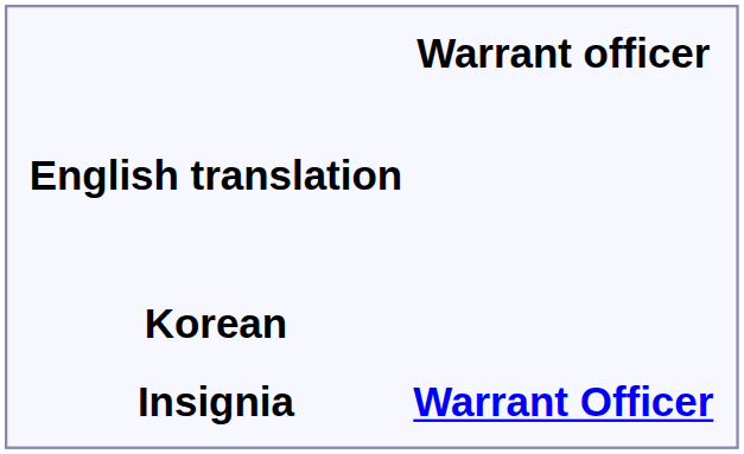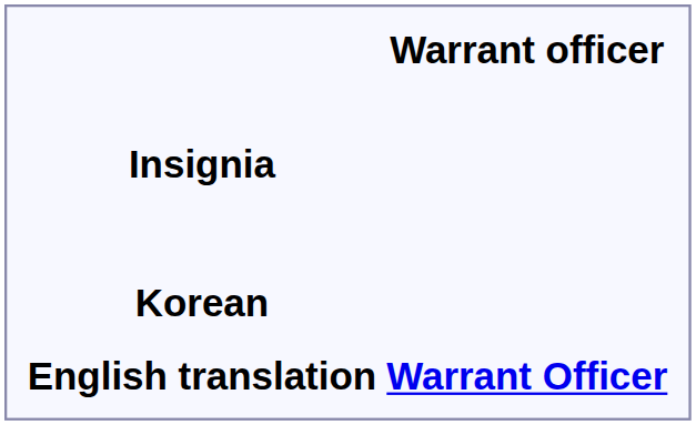 <table style="border:1px solid #8888aa; background-color:#f7f8ff; padding:5px; font-size:95%; margin: 0px 12px 12px 0px;">
 <tr>
 <th rowspan=1></th>
 <th colspan=1>Warrant officer</th>
 </tr>
 <tr style="text-align:center;">
 <td colspan=2></td>
 </tr>
 <tr style="text-align:center;">
 <td colspan=2></td>
 </tr>
 <tr style="text-align:center;">
 <td colspan=2></td>
 </tr>
 <tr style="text-align:center;">
 <td colspan=2></td>
 </tr>
 <tr style="text-align:center;">
 <td colspan=2></td>
 </tr>
 <tr style="text-align:center;">
 <td colspan=2></td>
 </tr>
 <tr style="text-align:center;">
-<th>English translation</th>
+<th>Insignia</th>
 <td><span></span></td>
 </tr>
 <tr style="text-align:center;">
 <td colspan=2></td>
 </tr>
 <tr style="text-align:center;">
 <td colspan=2></td>
 </tr>
 <tr style="text-align:center;">
 <td colspan=2></td>
 </tr>
 <tr style="text-align:center;">
 <td colspan=2></td>
 </tr>
 <tr style="text-align:center;">
 <td colspan=2></td>
 </tr>
 <tr style="text-align:center;">
 <td colspan=2></td>
 </tr>
 <tr style="text-align:center;">
 <th>Korean</th>
 <td colspan=1><br><br></td>
 </tr>
 <tr style="text-align:center;">
-<th>Insignia</th>
+<th>English translation</th>
 <td colspan=1><strong><a href='#'>Warrant Officer</a></strong></td>
 </tr>
 </table>
